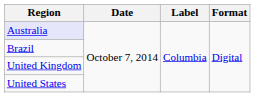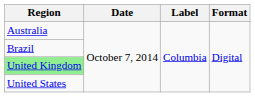 <table class="wikitable">
 <tr>
 <th>Region</th>
 <th>Date</th>
 <th>Label</th>
 <th>Format</th>
 </tr>
 <tr>
-<td style="background: lavender;"><a href='#'>Australia</a></td>
+<td><a href='#'>Australia</a></td>
 <td rowspan=4>October 7, 2014</td>
 <td rowspan=4><a href='#'>Columbia</a></td>
 <td rowspan=4><a href='#'>Digital</a></td>
 </tr>
 <tr>
 <td><a href='#'>Brazil</a></td>
 </tr>
 <tr>
-<td><a href='#'>United Kingdom</a></td>
+<td style="background: lightgreen;"><a href='#'>United Kingdom</a></td>
 </tr>
 <tr>
 <td><a href='#'>United States</a></td>
 </tr>
 </table>
